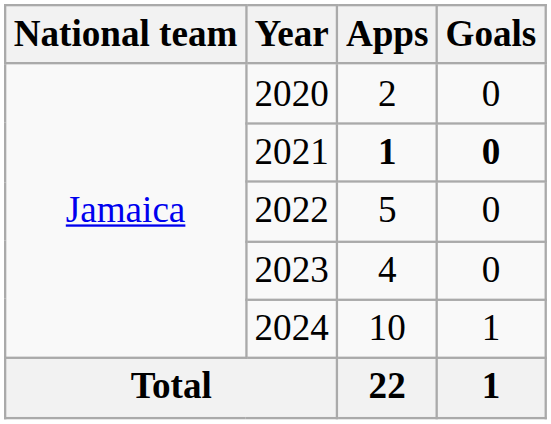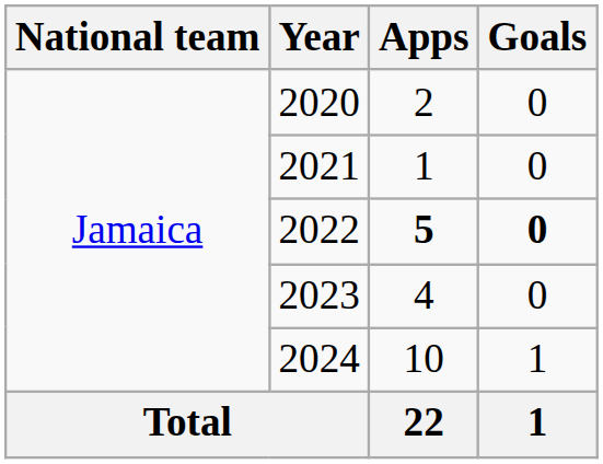 <table class=wikitable style=text-align:center>
 <tr>
 <th>National team</th>
 <th>Year</th>
 <th>Apps</th>
 <th>Goals</th>
 </tr>
 <tr>
 <td rowspan="5"><a href='#'>Jamaica</a></td>
 <td>2020</td>
 <td>2</td>
 <td>0</td>
 </tr>
 <tr>
 <td>2021</td>
-<td><strong>1</strong></td>
-<td><strong>0</strong></td>
+<td>1</td>
+<td>0</td>
 </tr>
 <tr>
 <td>2022</td>
-<td>5</td>
-<td>0</td>
+<td><strong>5</strong></td>
+<td><strong>0</strong></td>
 </tr>
 <tr>
 <td>2023</td>
 <td>4</td>
 <td>0</td>
 </tr>
 <tr>
 <td>2024</td>
 <td>10</td>
 <td>1</td>
 </tr>
 <tr>
 <th colspan="2">Total</th>
 <th>22</th>
 <th>1</th>
 </tr>
 </table>
